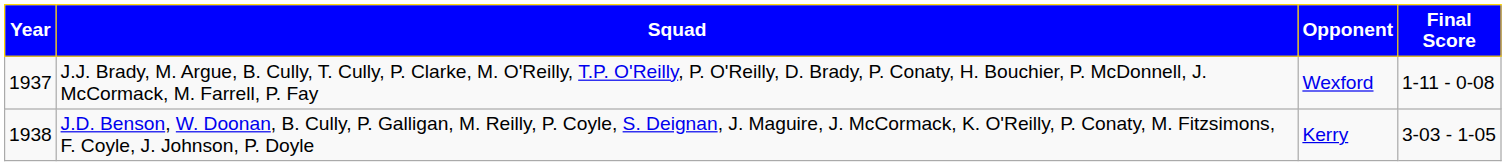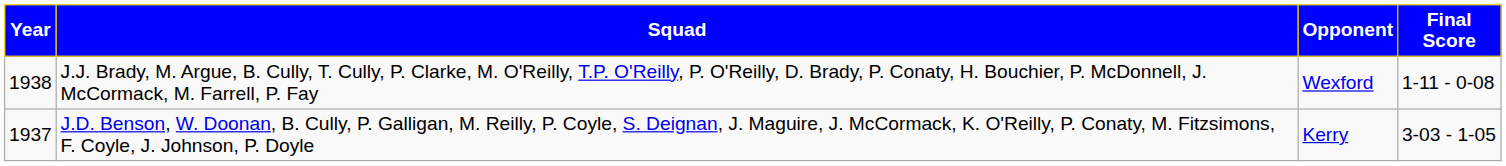 <table class="wikitable">
 <tr>
 <th style="background:blue; color:white; border:1px solid gold">Year</th>
 <th style="background:blue; color:white; border:1px solid gold">Squad</th>
 <th style="background:blue; color:white; border:1px solid gold">Opponent</th>
 <th style="background:blue; color:white; border:1px solid gold">Final Score</th>
 </tr>
 <tr>
-<td>1937</td>
+<td>1938</td>
 <td>J.J. Brady, M. Argue, B. Cully, T. Cully, P. Clarke, M. O'Reilly, <a href='#'>T.P. O'Reilly</a>, P. O'Reilly, D. Brady, P. Conaty, H. Bouchier, P. McDonnell, J. McCormack, M. Farrell, P. Fay</td>
 <td><a href='#'>Wexford</a></td>
 <td>1-11 - 0-08</td>
 </tr>
 <tr>
-<td>1938</td>
+<td>1937</td>
 <td><a href='#'>J.D. Benson</a>, <a href='#'>W. Doonan</a>, B. Cully, P. Galligan, M. Reilly, P. Coyle, <a href='#'>S. Deignan</a>, J. Maguire, J. McCormack, K. O'Reilly, P. Conaty, M. Fitzsimons, F. Coyle, J. Johnson, P. Doyle</td>
 <td><a href='#'>Kerry</a></td>
 <td>3-03 - 1-05</td>
 </tr>
 </table>
